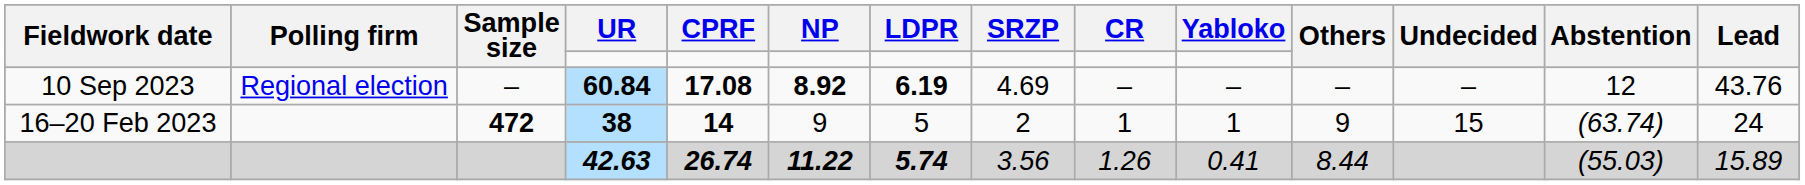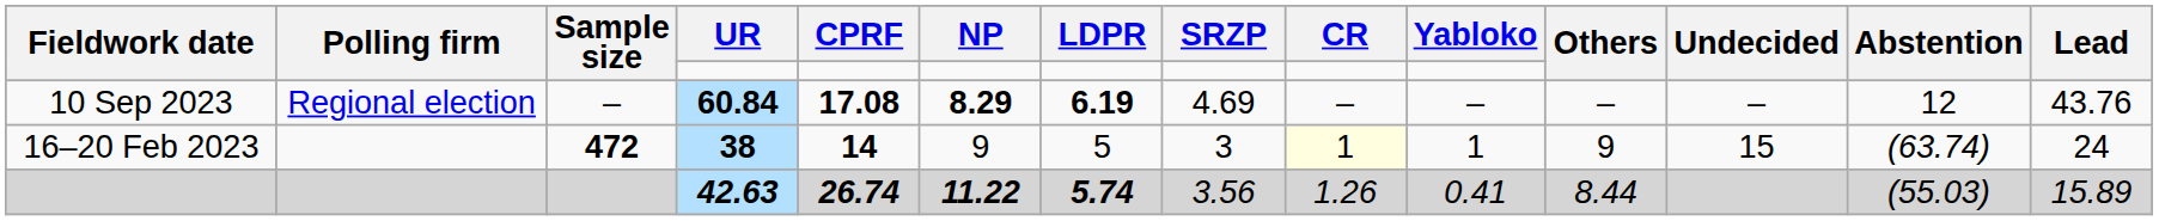 <table class=wikitable style="font-size:95%; line-height:14px; text-align:center">
 <tr>
 <th style=width:120px; rowspan=2>Fieldwork date</th>
 <th style=width:120px; rowspan=2>Polling firm</th>
 <th style=width:50px; rowspan=2>Sample<br>size</th>
 <th style="width:50px;"><a href='#'>UR</a></th>
 <th style="width:50px;"><a href='#'>CPRF</a></th>
 <th style="width:50px;"><a href='#'>NP</a></th>
 <th style="width:50px;"><a href='#'>LDPR</a></th>
 <th style="width:50px;"><a href='#'>SRZP</a></th>
 <th style="width:50px;"><a href='#'>CR</a></th>
 <th style="width:50px;"><a href='#'>Yabloko</a></th>
 <th style="width:50px;" rowspan=2>Others</th>
 <th style="width:50px;" rowspan=2>Undecided</th>
 <th style="width:50px;" rowspan=2>Abstention</th>
 <th style="width:50px;" rowspan="2">Lead</th>
 </tr>
 <tr>
 <td bgcolor=></td>
 <td bgcolor=></td>
 <td bgcolor=></td>
 <td bgcolor=></td>
 <td bgcolor=></td>
 <td bgcolor=></td>
 <td bgcolor=></td>
 </tr>
 <tr>
 <td>10 Sep 2023</td>
 <td><a href='#'>Regional election</a></td>
 <td>–</td>
 <td style="background:#B3E0FF"><strong>60.84</strong></td>
 <td><strong>17.08</strong></td>
-<td><strong>8.92</strong></td>
+<td><strong>8.29</strong></td>
 <td><strong>6.19</strong></td>
 <td>4.69</td>
 <td>–</td>
 <td>–</td>
 <td>–</td>
 <td>–</td>
 <td>12</td>
 <td style="background:">43.76</td>
 </tr>
 <tr>
 <td>16–20 Feb 2023</td>
 <td></td>
 <td><strong>472</strong></td>
 <td style="background:#B3E0FF"><strong>38</strong></td>
 <td><strong>14</strong></td>
 <td>9</td>
 <td>5</td>
-<td>2</td>
-<td>1</td>
+<td>3</td>
+<td style="background: lightyellow;">1</td>
 <td>1</td>
 <td>9</td>
 <td>15</td>
 <td><em>(63.74)</em></td>
 <td style="background:">24</td>
 </tr>
 <tr style="background:#D5D5D5">
 <td></td>
 <td></td>
 <td></td>
 <td style="background:#B3E0FF"><strong><em>42.63</em></strong></td>
 <td><strong><em>26.74</em></strong></td>
 <td><strong><em>11.22</em></strong></td>
 <td><strong><em>5.74</em></strong></td>
 <td><em>3.56</em></td>
 <td><em>1.26</em></td>
 <td><em>0.41</em></td>
 <td><em>8.44</em></td>
 <td></td>
 <td><em>(55.03)</em></td>
 <td style="background:"><em>15.89</em></td>
 </tr>
 </table>
